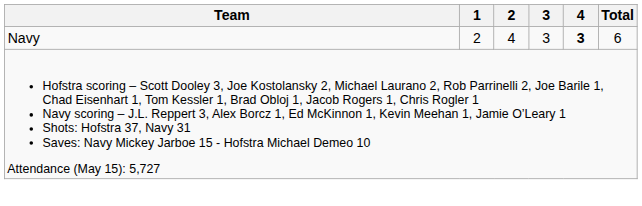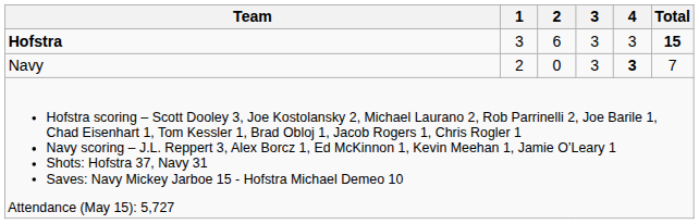 <table class="wikitable" style="text-align:center; max-width:45em">
 <tr>
 <th>Team</th>
 <th style="width:2em">1</th>
 <th style="width:2em">2</th>
 <th style="width:2em">3</th>
 <th style="width:2em">4</th>
 <th style="width:2em">Total</th>
 </tr>
 <tr>
+<td style="text-align:left"><strong>Hofstra</strong></td>
+<td>3</td>
+<td>6</td>
+<td>3</td>
+<td>3</td>
+<td><strong>15</strong></td>
+</tr>
+<tr>
 <td style="text-align:left">Navy</td>
 <td>2</td>
-<td>4</td>
+<td>0</td>
 <td>3</td>
 <td><strong>3</strong></td>
-<td>6</td>
+<td>7</td>
 </tr>
 <tr>
 <td colspan=6 style="text-align:left; font-size:88%;"><br><ul><li>Hofstra scoring – Scott Dooley 3, Joe Kostolansky 2, Michael Laurano 2, Rob Parrinelli 2, Joe Barile 1, Chad Eisenhart 1, Tom Kessler 1, Brad Obloj 1, Jacob Rogers 1, Chris Rogler 1</li><li>Navy scoring – J.L. Reppert 3, Alex Borcz 1, Ed McKinnon 1, Kevin Meehan 1, Jamie O’Leary 1</li><li>Shots: Hofstra 37, Navy 31</li><li>Saves: Navy Mickey Jarboe 15 - Hofstra Michael Demeo 10</li></ul>Attendance (May 15): 5,727 </td>
 </tr>
 </table>
